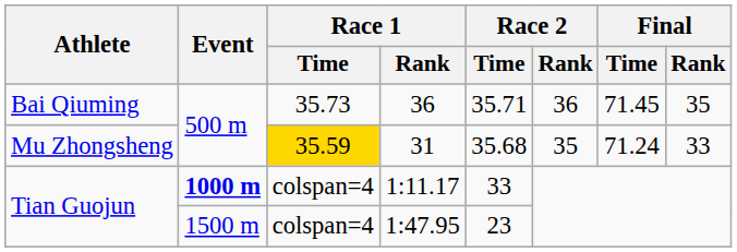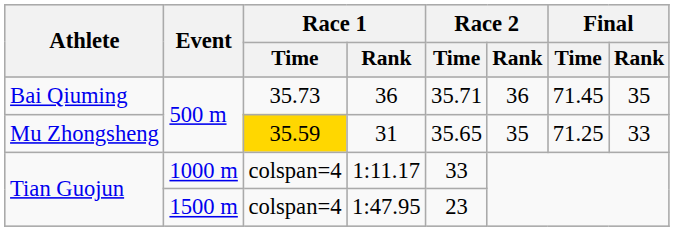 <table class="wikitable" style="font-size:90%">
 <tr>
 <th rowspan=2>Athlete</th>
 <th rowspan=2>Event</th>
 <th colspan=2>Race 1</th>
 <th colspan=2>Race 2</th>
 <th colspan=2>Final</th>
 </tr>
 <tr style="font-size:95%">
 <th>Time</th>
 <th>Rank</th>
 <th>Time</th>
 <th>Rank</th>
 <th>Time</th>
 <th>Rank</th>
 </tr>
 <tr align=center>
 <td align=left><a href='#'>Bai Qiuming</a></td>
 <td align=left rowspan=2><a href='#'>500 m</a></td>
 <td>35.73</td>
 <td>36</td>
 <td>35.71</td>
 <td>36</td>
 <td>71.45</td>
 <td>35</td>
 </tr>
 <tr align=center>
 <td align=left><a href='#'>Mu Zhongsheng</a></td>
 <td style="background: gold;">35.59</td>
 <td>31</td>
-<td>35.68</td>
+<td>35.65</td>
 <td>35</td>
-<td>71.24</td>
+<td>71.25</td>
 <td>33</td>
 </tr>
 <tr align=center>
 <td align=left rowspan=2><a href='#'>Tian Guojun</a></td>
-<td align=left><strong><a href='#'>1000 m</a></strong></td>
+<td align=left><a href='#'>1000 m</a></td>
 <td>colspan=4 </td>
 <td>1:11.17</td>
 <td>33</td>
 </tr>
 <tr align=center>
 <td align=left><a href='#'>1500 m</a></td>
 <td>colspan=4 </td>
 <td>1:47.95</td>
 <td>23</td>
 </tr>
 </table>
